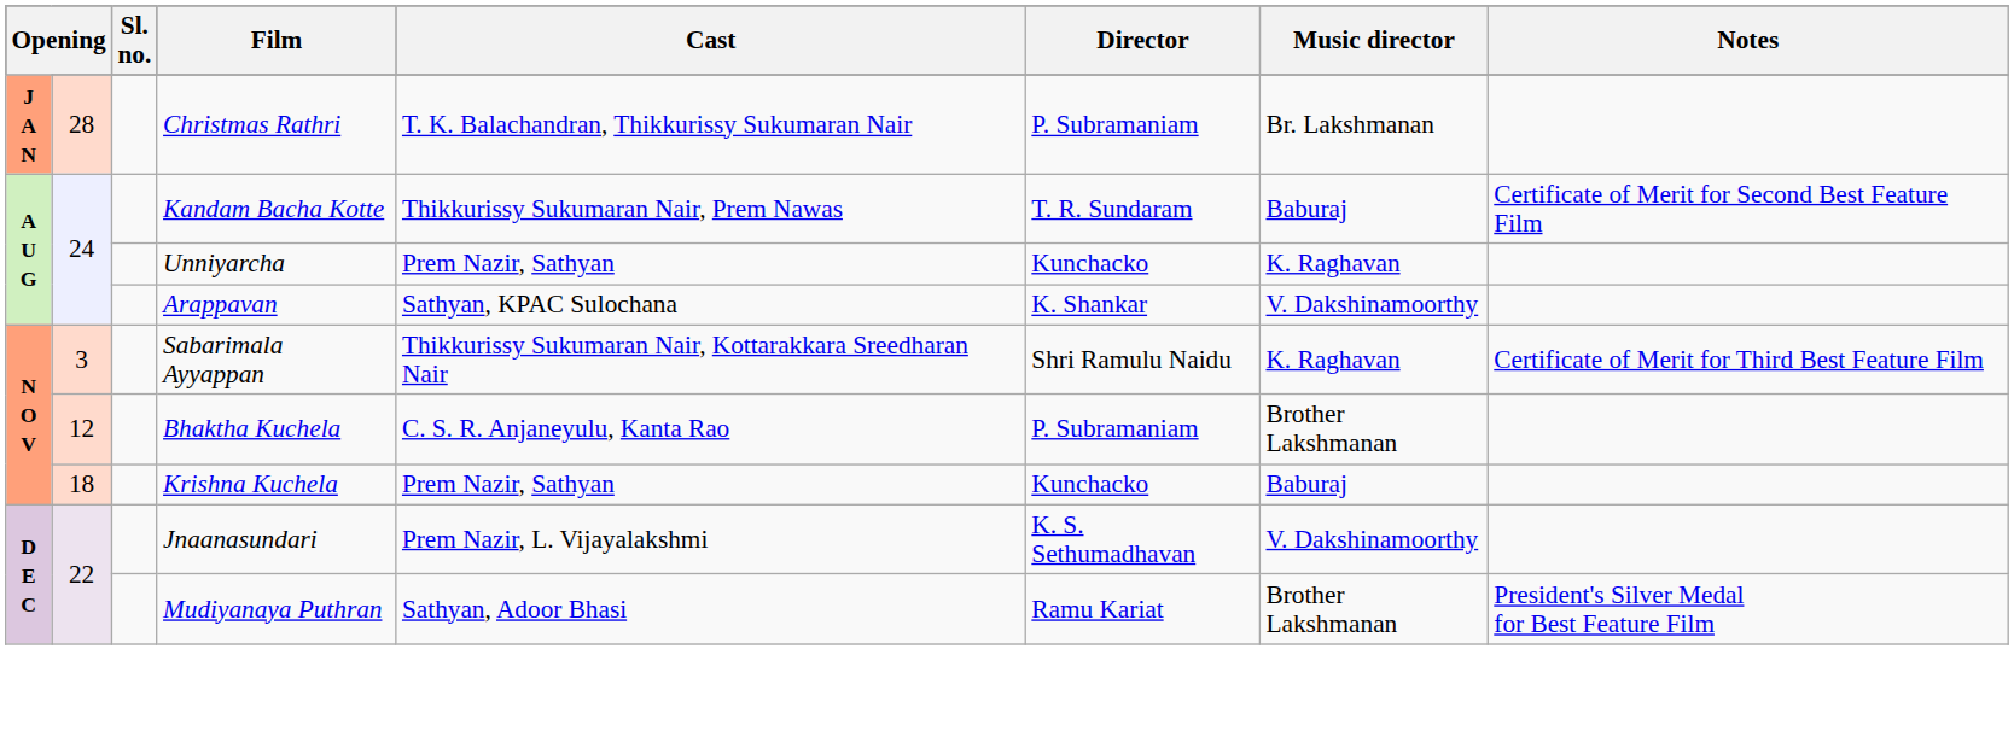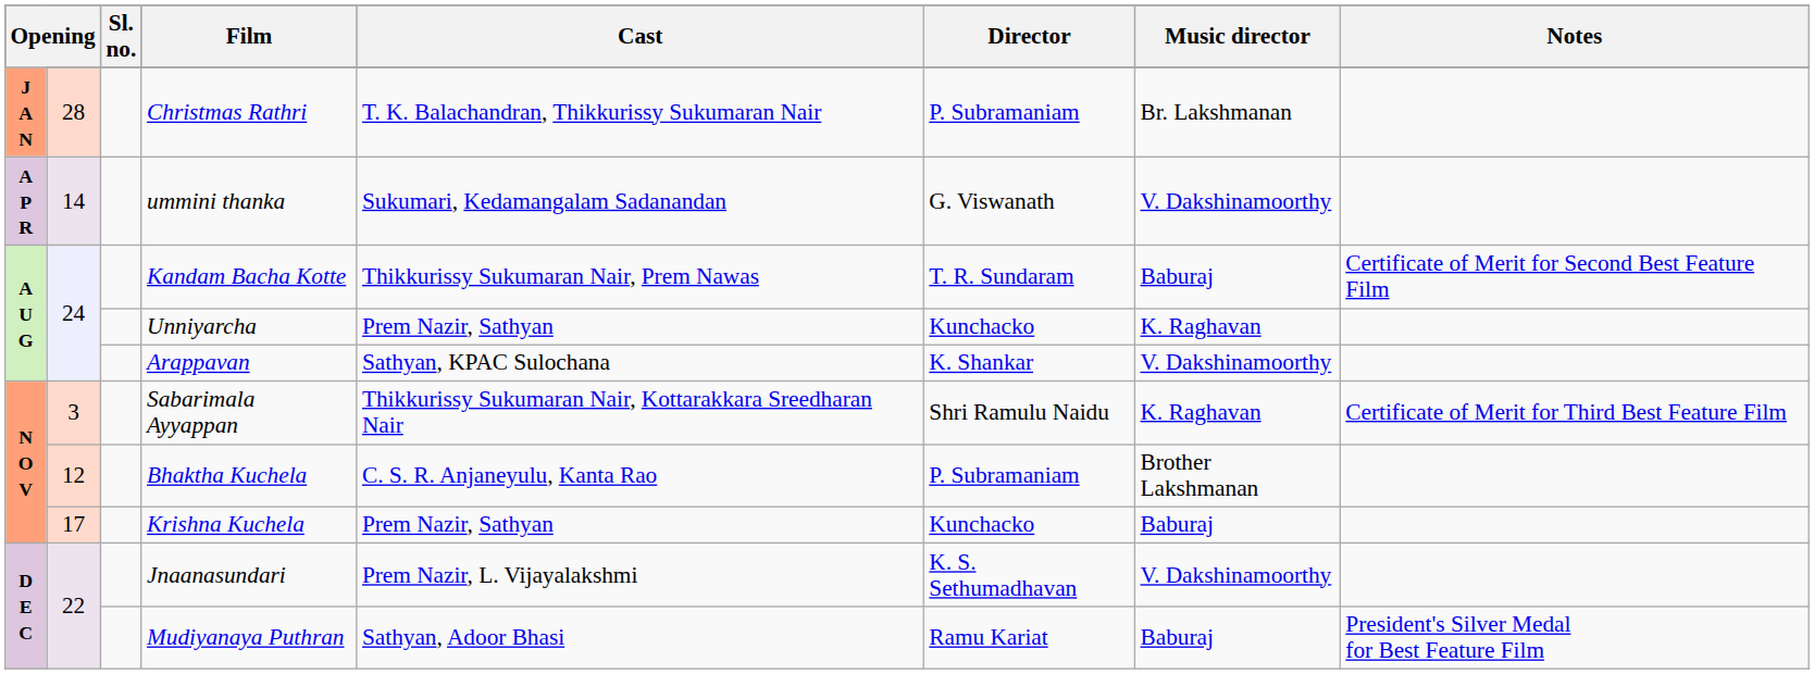 <table class="wikitable">
 <tr style="background:#000;">
 <th colspan='2'>Opening</th>
 <th>Sl.<br>no.</th>
 <th>Film</th>
 <th>Cast</th>
 <th>Director</th>
 <th>Music director</th>
 <th>Notes</th>
 </tr>
 <tr>
 <td rowspan="2" style="text-align:center; background:#ffa07a; textcolor:#000;"><small><strong>J<br>A<br>N</strong></small></td>
 </tr>
 <tr>
 <td rowspan="1"  style="text-align:center; background:#ffdacc; textcolor:#000;">28</td>
 <td valign="center"></td>
 <td><em><a href='#'>Christmas Rathri</a></em></td>
 <td><a href='#'>T. K. Balachandran</a>, <a href='#'>Thikkurissy Sukumaran Nair</a></td>
 <td><a href='#'>P. Subramaniam</a></td>
 <td>Br. Lakshmanan</td>
+<td></td>
+</tr>
+<tr>
+<td rowspan="1" style="text-align:center; background:#dcc7df; textcolor:#000;"><small><strong>A<br>P<br>R</strong></small></td>
+<td rowspan="1"  style="text-align:center; background:#ede3ef; textcolor:#000;">14</td>
+<td valign="center"></td>
+<td><em>ummini thanka</em></td>
+<td><a href='#'>Sukumari</a>, <a href='#'>Kedamangalam Sadanandan</a></td>
+<td>G. Viswanath</td>
+<td><a href='#'>V. Dakshinamoorthy</a></td>
 <td></td>
 </tr>
 <tr>
 <td rowspan="3" style="text-align:center; background:#d0f0c0; textcolor:#000;"><small><strong>A<br>U<br>G</strong></small></td>
 <td rowspan="3"  style="text-align:center; background:#edefff; textcolor:#000;">24</td>
 <td valign="center"></td>
 <td><em><a href='#'>Kandam Bacha Kotte</a></em></td>
 <td><a href='#'>Thikkurissy Sukumaran Nair</a>, <a href='#'>Prem Nawas</a></td>
 <td><a href='#'>T. R. Sundaram</a></td>
 <td><a href='#'>Baburaj</a></td>
 <td><a href='#'>Certificate of Merit for Second Best Feature Film</a></td>
 </tr>
 <tr>
 <td valign="center"></td>
 <td><em>Unniyarcha</em></td>
 <td><a href='#'>Prem Nazir</a>, <a href='#'>Sathyan</a></td>
 <td><a href='#'>Kunchacko</a></td>
 <td><a href='#'>K. Raghavan</a></td>
 <td></td>
 </tr>
 <tr>
 <td valign="center"></td>
 <td><em><a href='#'>Arappavan</a></em></td>
 <td><a href='#'>Sathyan</a>, KPAC Sulochana</td>
 <td><a href='#'>K. Shankar</a></td>
 <td><a href='#'>V. Dakshinamoorthy</a></td>
 <td></td>
 </tr>
 <tr>
 <td rowspan="3" style="text-align:center; background:#ffa07a; textcolor:#000;"><small><strong>N<br>O<br>V</strong></small></td>
 <td rowspan="1"  style="text-align:center; background:#ffdacc; textcolor:#000;">3</td>
 <td valign="center"></td>
 <td><em>Sabarimala Ayyappan</em></td>
 <td><a href='#'>Thikkurissy Sukumaran Nair</a>, <a href='#'>Kottarakkara Sreedharan Nair</a></td>
 <td>Shri Ramulu Naidu</td>
 <td><a href='#'>K. Raghavan</a></td>
 <td><a href='#'>Certificate of Merit for Third Best Feature Film</a></td>
 </tr>
 <tr>
 <td rowspan="1"  style="text-align:center; background:#ffdacc; textcolor:#000;">12</td>
 <td valign="center"></td>
 <td><em><a href='#'>Bhaktha Kuchela</a></em></td>
 <td><a href='#'>C. S. R. Anjaneyulu</a>, <a href='#'>Kanta Rao</a></td>
 <td><a href='#'>P. Subramaniam</a></td>
 <td>Brother Lakshmanan</td>
 <td></td>
 </tr>
 <tr>
-<td rowspan="1"  style="text-align:center; background:#ffdacc; textcolor:#000;">18</td>
+<td rowspan="1"  style="text-align:center; background:#ffdacc; textcolor:#000;">17</td>
 <td valign="center"></td>
 <td><em><a href='#'>Krishna Kuchela</a></em></td>
 <td><a href='#'>Prem Nazir</a>, <a href='#'>Sathyan</a></td>
 <td><a href='#'>Kunchacko</a></td>
 <td><a href='#'>Baburaj</a></td>
 <td></td>
 </tr>
 <tr>
 <td rowspan="2" style="text-align:center; background:#dcc7df; textcolor:#000;"><small><strong>D<br>E<br>C</strong></small></td>
 <td rowspan="2"  style="text-align:center; background:#ede3ef; textcolor:#000;">22</td>
 <td valign="center"></td>
 <td><em>Jnaanasundari</em></td>
 <td><a href='#'>Prem Nazir</a>, L. Vijayalakshmi</td>
 <td><a href='#'>K. S. Sethumadhavan</a></td>
 <td><a href='#'>V. Dakshinamoorthy</a></td>
 <td></td>
 </tr>
 <tr>
 <td valign="center"></td>
 <td><em><a href='#'>Mudiyanaya Puthran</a></em></td>
 <td><a href='#'>Sathyan</a>, <a href='#'>Adoor Bhasi</a></td>
 <td><a href='#'>Ramu Kariat</a></td>
-<td>Brother Lakshmanan</td>
+<td><a href='#'>Baburaj</a></td>
 <td><a href='#'>President's Silver Medal<br> for Best Feature Film</a></td>
 </tr>
 </table>
